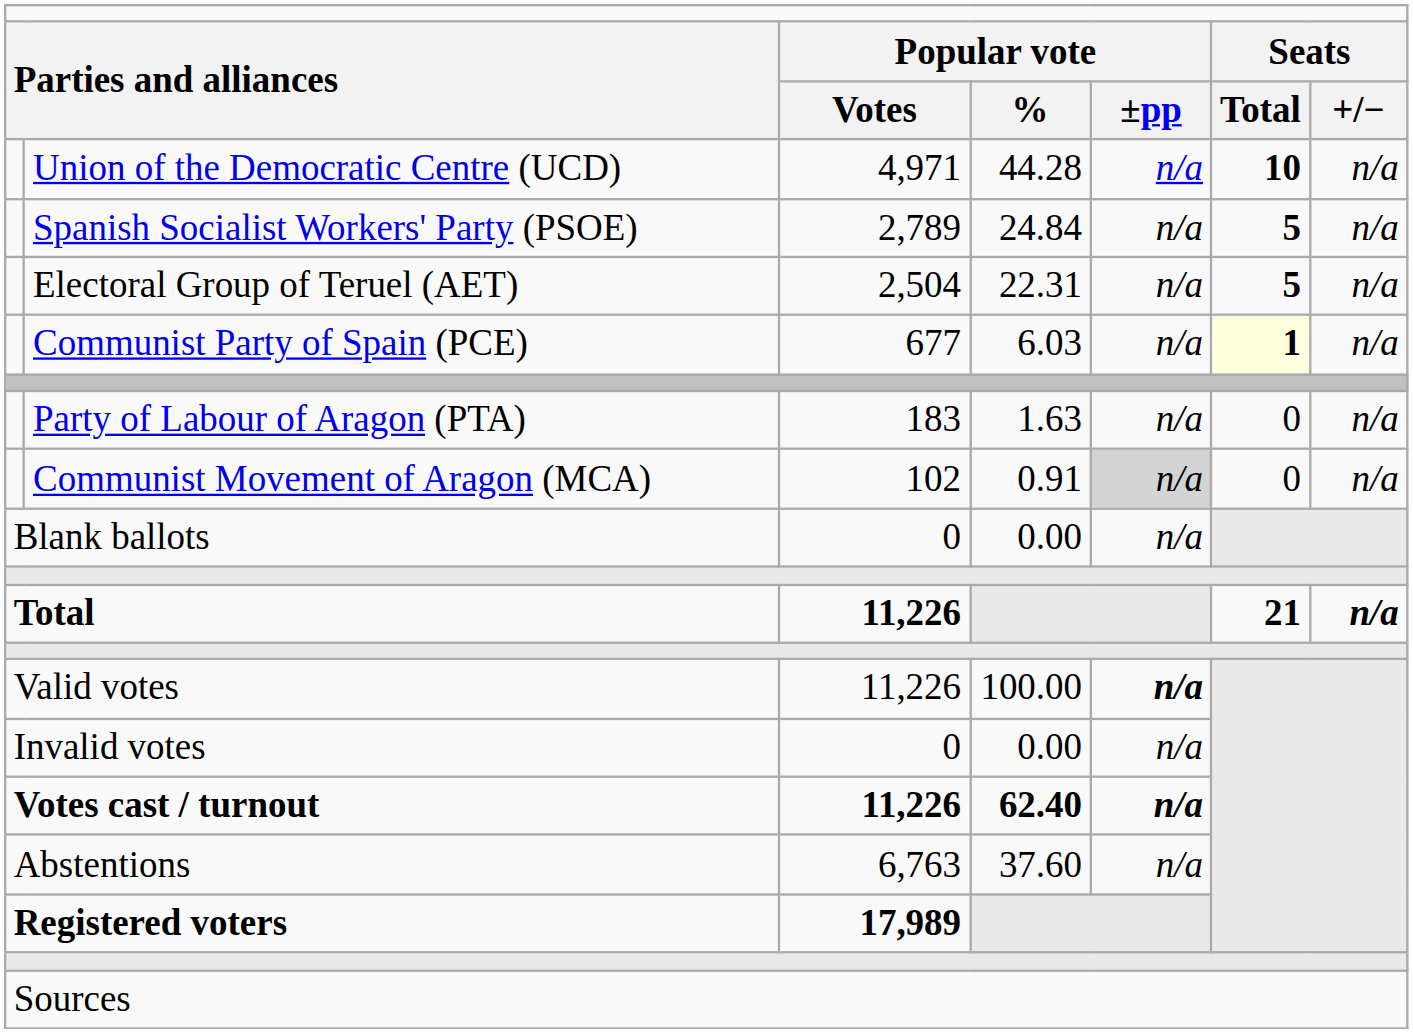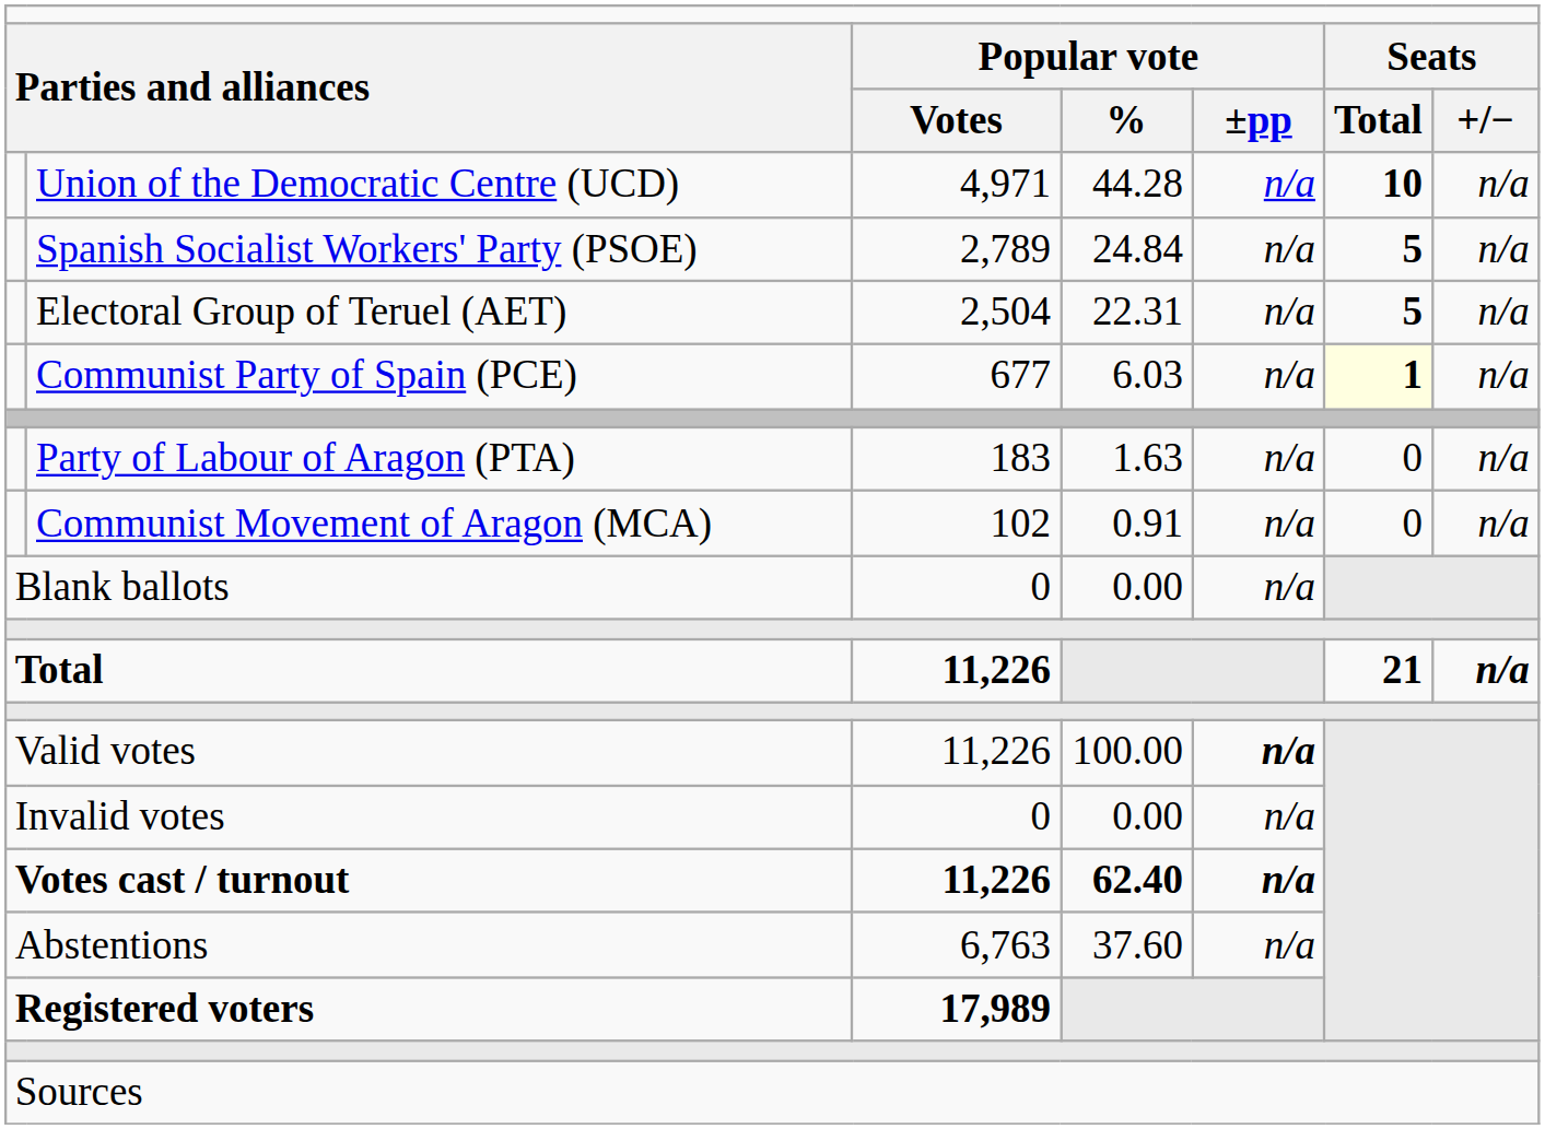 <table class="wikitable" style="text-align:right;">
 <tr>
 <td colspan="7"></td>
 </tr>
 <tr>
 <th style="text-align:left;" rowspan="2" colspan="2" width="525">Parties and alliances</th>
 <th colspan="3">Popular vote</th>
 <th colspan="2">Seats</th>
 </tr>
 <tr>
 <th width="75">Votes</th>
 <th width="45">%</th>
 <th width="45">±<a href='#'>pp</a></th>
 <th width="35">Total</th>
 <th width="35">+/−</th>
 </tr>
 <tr>
 <td width="1" style="color:inherit;background:"></td>
 <td align="left"><a href='#'>Union of the Democratic Centre</a> (UCD)</td>
 <td>4,971</td>
 <td>44.28</td>
 <td><em><a href='#'>n/a</a></em></td>
 <td><strong>10</strong></td>
 <td><em>n/a</em></td>
 </tr>
 <tr>
 <td style="color:inherit;background:"></td>
 <td align="left"><a href='#'>Spanish Socialist Workers' Party</a> (PSOE)</td>
 <td>2,789</td>
 <td>24.84</td>
 <td><em>n/a</em></td>
 <td><strong>5</strong></td>
 <td><em>n/a</em></td>
 </tr>
 <tr>
 <td style="color:inherit;background:"></td>
 <td align="left">Electoral Group of Teruel (AET)</td>
 <td>2,504</td>
 <td>22.31</td>
 <td><em>n/a</em></td>
 <td><strong>5</strong></td>
 <td><em>n/a</em></td>
 </tr>
 <tr>
 <td style="color:inherit;background:"></td>
 <td align="left"><a href='#'>Communist Party of Spain</a> (PCE)</td>
 <td>677</td>
 <td>6.03</td>
 <td><em>n/a</em></td>
 <td style="background: lightyellow;"><strong>1</strong></td>
 <td><em>n/a</em></td>
 </tr>
 <tr>
 <td colspan="7" bgcolor="#C0C0C0"></td>
 </tr>
 <tr>
 <td style="color:inherit;background:"></td>
 <td align="left"><a href='#'>Party of Labour of Aragon</a> (PTA)</td>
 <td>183</td>
 <td>1.63</td>
 <td><em>n/a</em></td>
 <td>0</td>
 <td><em>n/a</em></td>
 </tr>
 <tr>
 <td style="color:inherit;background:"></td>
 <td align="left"><a href='#'>Communist Movement of Aragon</a> (MCA)</td>
 <td>102</td>
 <td>0.91</td>
-<td style="background: lightgrey;"><em>n/a</em></td>
+<td><em>n/a</em></td>
 <td>0</td>
 <td><em>n/a</em></td>
 </tr>
 <tr>
 <td align="left" colspan="2">Blank ballots</td>
 <td>0</td>
 <td>0.00</td>
 <td><em>n/a</em></td>
 <td bgcolor="#E9E9E9" colspan="2"></td>
 </tr>
 <tr>
 <td colspan="7" bgcolor="#E9E9E9"></td>
 </tr>
 <tr style="font-weight:bold;">
 <td align="left" colspan="2">Total</td>
 <td>11,226</td>
 <td bgcolor="#E9E9E9" colspan="2"></td>
 <td>21</td>
 <td><em>n/a</em></td>
 </tr>
 <tr>
 <td colspan="7" bgcolor="#E9E9E9"></td>
 </tr>
 <tr>
 <td align="left" colspan="2">Valid votes</td>
 <td>11,226</td>
 <td>100.00</td>
 <td><strong><em>n/a</em></strong></td>
 <td bgcolor="#E9E9E9" colspan="2" rowspan="5"></td>
 </tr>
 <tr>
 <td align="left" colspan="2">Invalid votes</td>
 <td>0</td>
 <td>0.00</td>
 <td><em>n/a</em></td>
 </tr>
 <tr style="font-weight:bold;">
 <td align="left" colspan="2">Votes cast / turnout</td>
 <td>11,226</td>
 <td>62.40</td>
 <td><em>n/a</em></td>
 </tr>
 <tr>
 <td align="left" colspan="2">Abstentions</td>
 <td>6,763</td>
 <td>37.60</td>
 <td><em>n/a</em></td>
 </tr>
 <tr style="font-weight:bold;">
 <td align="left" colspan="2">Registered voters</td>
 <td>17,989</td>
 <td bgcolor="#E9E9E9" colspan="2"></td>
 </tr>
 <tr>
 <td colspan="7" bgcolor="#E9E9E9"></td>
 </tr>
 <tr>
 <td align="left" colspan="7">Sources</td>
 </tr>
 </table>
